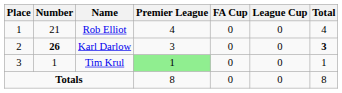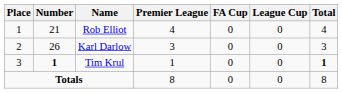 <table class="wikitable" style="text-align:center">
 <tr>
 <th width=0%>Place</th>
 <th width=0%>Number</th>
 <th width=0%>Name</th>
 <th width=0%>Premier League</th>
 <th width=0%>FA Cup</th>
 <th width=0%>League Cup</th>
 <th width=0%>Total</th>
 </tr>
 <tr>
 <td>1</td>
 <td>21</td>
 <td> <a href='#'>Rob Elliot</a></td>
 <td>4</td>
 <td>0</td>
 <td>0</td>
 <td>4</td>
 </tr>
 <tr>
 <td rowspan=1>2</td>
-<td><strong>26</strong></td>
+<td>26</td>
 <td> <a href='#'>Karl Darlow</a></td>
 <td>3</td>
 <td>0</td>
 <td>0</td>
-<td><strong>3</strong></td>
+<td>3</td>
 </tr>
 <tr>
 <td rowspan=1>3</td>
+<td><strong>1</strong></td>
+<td> <a href='#'>Tim Krul</a></td>
 <td>1</td>
-<td> <a href='#'>Tim Krul</a></td>
-<td style="background: lightgreen;">1</td>
 <td>0</td>
 <td>0</td>
-<td>1</td>
+<td><strong>1</strong></td>
 </tr>
 <tr>
 <td colspan=3><strong>Totals</strong></td>
 <td>8</td>
 <td>0</td>
 <td>0</td>
 <td>8</td>
 </tr>
 </table>
